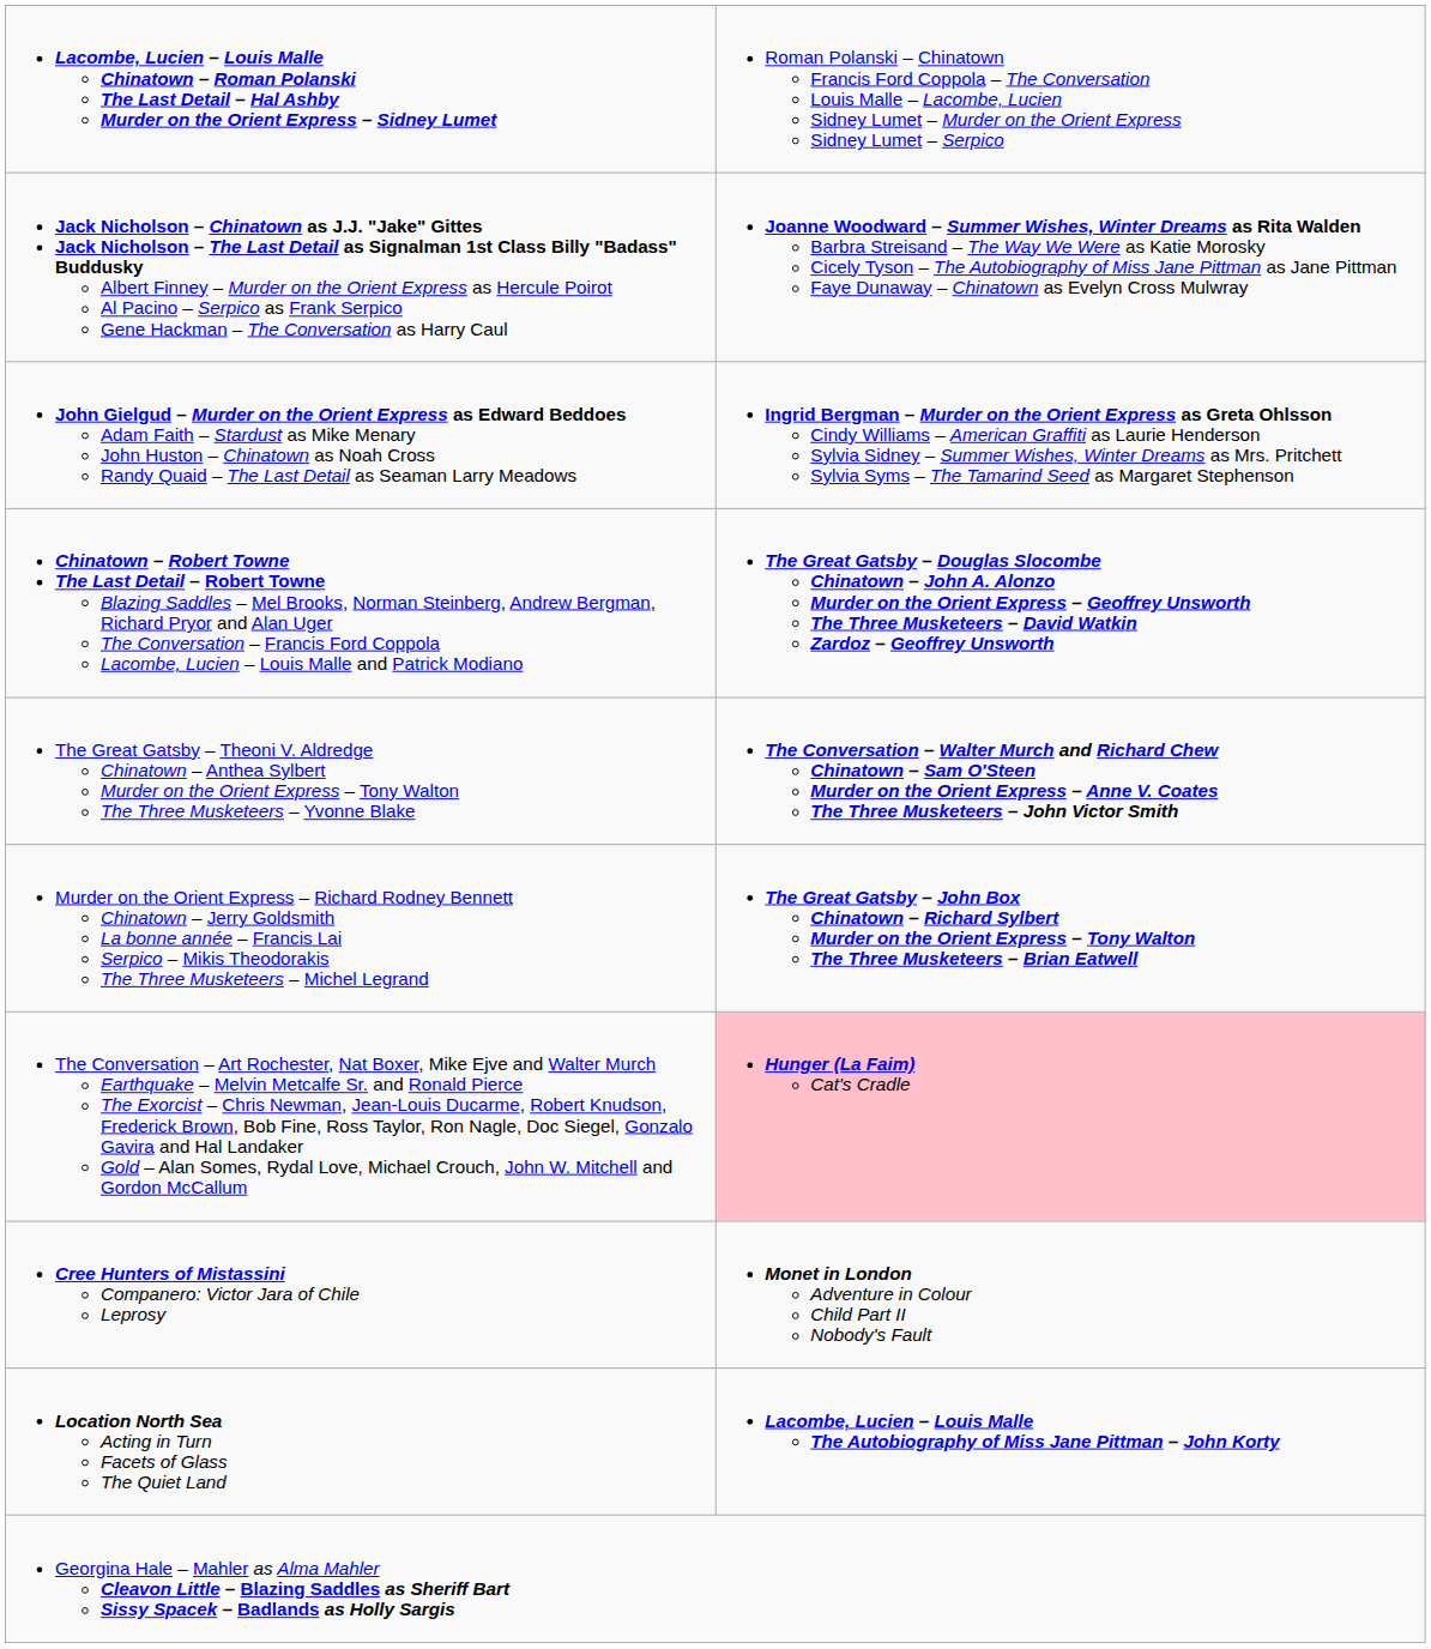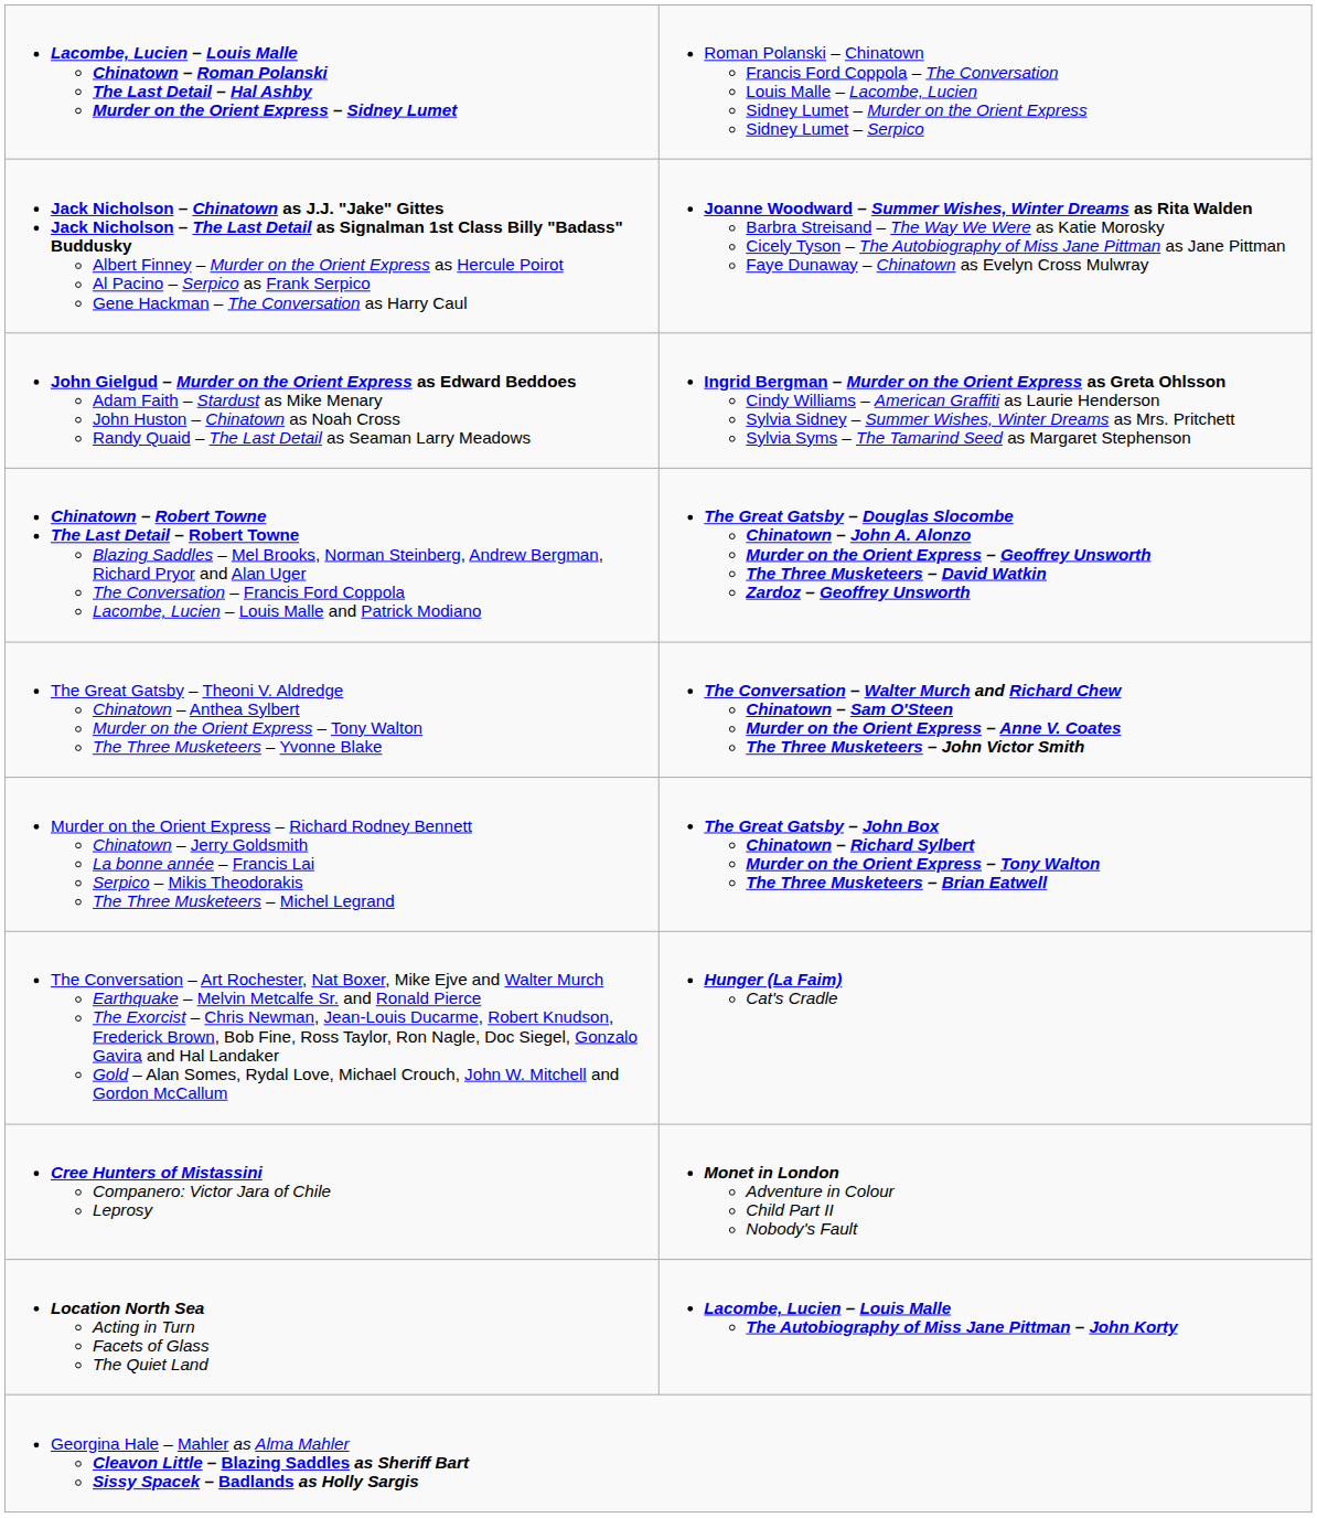 <table class=wikitable>
 <tr>
 <td valign="top" width="50%"><br><ul><li><strong><em><a href='#'>Lacombe, Lucien</a><em> – <a href='#'>Louis Malle</a><strong><ul><li></em><a href='#'>Chinatown</a><em> – <a href='#'>Roman Polanski</a></li><li></em><a href='#'>The Last Detail</a><em> – <a href='#'>Hal Ashby</a></li><li></em><a href='#'>Murder on the Orient Express</a><em> – <a href='#'>Sidney Lumet</a></li></ul></li></ul></td>
 <td valign="top" width="50%"><br><ul><li></strong><a href='#'>Roman Polanski</a> – </em><a href='#'>Chinatown</a></em></strong><ul><li><a href='#'>Francis Ford Coppola</a> – <em><a href='#'>The Conversation</a></em></li><li><a href='#'>Louis Malle</a> – <em><a href='#'>Lacombe, Lucien</a></em></li><li><a href='#'>Sidney Lumet</a> – <em><a href='#'>Murder on the Orient Express</a></em></li><li><a href='#'>Sidney Lumet</a> – <em><a href='#'>Serpico</a></em></li></ul></li></ul></td>
 </tr>
 <tr>
 <td valign="top" width="50%"><br><ul><li><strong><a href='#'>Jack Nicholson</a> – <em><a href='#'>Chinatown</a></em> as J.J. "Jake" Gittes</strong></li><li><strong><a href='#'>Jack Nicholson</a> – <em><a href='#'>The Last Detail</a></em> as Signalman 1st Class Billy "Badass" Buddusky</strong><ul><li><a href='#'>Albert Finney</a> – <em><a href='#'>Murder on the Orient Express</a></em> as <a href='#'>Hercule Poirot</a></li><li><a href='#'>Al Pacino</a> – <em><a href='#'>Serpico</a></em> as <a href='#'>Frank Serpico</a></li><li><a href='#'>Gene Hackman</a> – <em><a href='#'>The Conversation</a></em> as Harry Caul</li></ul></li></ul></td>
 <td valign="top" width="50%"><br><ul><li><strong><a href='#'>Joanne Woodward</a> – <em><a href='#'>Summer Wishes, Winter Dreams</a></em> as Rita Walden</strong><ul><li><a href='#'>Barbra Streisand</a> – <em><a href='#'>The Way We Were</a></em> as Katie Morosky</li><li><a href='#'>Cicely Tyson</a> – <em><a href='#'>The Autobiography of Miss Jane Pittman</a></em> as Jane Pittman</li><li><a href='#'>Faye Dunaway</a> – <em><a href='#'>Chinatown</a></em> as Evelyn Cross Mulwray</li></ul></li></ul></td>
 </tr>
 <tr>
 <td valign="top" width="50%"><br><ul><li><strong><a href='#'>John Gielgud</a> – <em><a href='#'>Murder on the Orient Express</a></em> as Edward Beddoes</strong><ul><li><a href='#'>Adam Faith</a> – <em><a href='#'>Stardust</a></em> as Mike Menary</li><li><a href='#'>John Huston</a> – <em><a href='#'>Chinatown</a></em> as Noah Cross</li><li><a href='#'>Randy Quaid</a> – <em><a href='#'>The Last Detail</a></em> as Seaman Larry Meadows</li></ul></li></ul></td>
 <td valign="top" width="50%"><br><ul><li><strong><a href='#'>Ingrid Bergman</a> – <em><a href='#'>Murder on the Orient Express</a></em> as Greta Ohlsson</strong><ul><li><a href='#'>Cindy Williams</a> – <em><a href='#'>American Graffiti</a></em> as Laurie Henderson</li><li><a href='#'>Sylvia Sidney</a> – <em><a href='#'>Summer Wishes, Winter Dreams</a></em> as Mrs. Pritchett</li><li><a href='#'>Sylvia Syms</a> – <em><a href='#'>The Tamarind Seed</a></em> as Margaret Stephenson</li></ul></li></ul></td>
 </tr>
 <tr>
 <td valign="top" width="50%"><br><ul><li><strong><em><a href='#'>Chinatown</a><em> – <a href='#'>Robert Towne</a><strong></li><li></em></strong><a href='#'>The Last Detail</a></em> – <a href='#'>Robert Towne</a></strong><ul><li><em><a href='#'>Blazing Saddles</a></em> – <a href='#'>Mel Brooks</a>, <a href='#'>Norman Steinberg</a>, <a href='#'>Andrew Bergman</a>, <a href='#'>Richard Pryor</a> and <a href='#'>Alan Uger</a></li><li><em><a href='#'>The Conversation</a></em> – <a href='#'>Francis Ford Coppola</a></li><li><em><a href='#'>Lacombe, Lucien</a></em> – <a href='#'>Louis Malle</a> and <a href='#'>Patrick Modiano</a></li></ul></li></ul></td>
 <td valign="top" width="50%"><br><ul><li><strong><em><a href='#'>The Great Gatsby</a><em> – <a href='#'>Douglas Slocombe</a><strong><ul><li></em><a href='#'>Chinatown</a><em> – <a href='#'>John A. Alonzo</a></li><li></em><a href='#'>Murder on the Orient Express</a><em> – <a href='#'>Geoffrey Unsworth</a></li><li></em><a href='#'>The Three Musketeers</a><em> – <a href='#'>David Watkin</a></li><li></em><a href='#'>Zardoz</a><em> – <a href='#'>Geoffrey Unsworth</a></li></ul></li></ul></td>
 </tr>
 <tr>
 <td valign="top" width="50%"><br><ul><li></em></strong><a href='#'>The Great Gatsby</a></em> – <a href='#'>Theoni V. Aldredge</a></strong><ul><li><em><a href='#'>Chinatown</a></em> – <a href='#'>Anthea Sylbert</a></li><li><em><a href='#'>Murder on the Orient Express</a></em> – <a href='#'>Tony Walton</a></li><li><em><a href='#'>The Three Musketeers</a></em> – <a href='#'>Yvonne Blake</a></li></ul></li></ul></td>
 <td valign="top" width="50%"><br><ul><li><strong><em><a href='#'>The Conversation</a><em> – <a href='#'>Walter Murch</a> and <a href='#'>Richard Chew</a><strong><ul><li></em><a href='#'>Chinatown</a><em> – <a href='#'>Sam O'Steen</a></li><li></em><a href='#'>Murder on the Orient Express</a><em> – <a href='#'>Anne V. Coates</a></li><li></em><a href='#'>The Three Musketeers</a><em> – John Victor Smith</li></ul></li></ul></td>
 </tr>
 <tr>
 <td valign="top" width="50%"><br><ul><li></em></strong><a href='#'>Murder on the Orient Express</a></em> – <a href='#'>Richard Rodney Bennett</a></strong><ul><li><em><a href='#'>Chinatown</a></em> – <a href='#'>Jerry Goldsmith</a></li><li><em><a href='#'>La bonne année</a></em> – <a href='#'>Francis Lai</a></li><li><em><a href='#'>Serpico</a></em> – <a href='#'>Mikis Theodorakis</a></li><li><em><a href='#'>The Three Musketeers</a></em> – <a href='#'>Michel Legrand</a></li></ul></li></ul></td>
 <td valign="top" width="50%"><br><ul><li><strong><em><a href='#'>The Great Gatsby</a><em> – <a href='#'>John Box</a><strong><ul><li></em><a href='#'>Chinatown</a><em> – <a href='#'>Richard Sylbert</a></li><li></em><a href='#'>Murder on the Orient Express</a><em> – <a href='#'>Tony Walton</a></li><li></em><a href='#'>The Three Musketeers</a><em> – <a href='#'>Brian Eatwell</a></li></ul></li></ul></td>
 </tr>
 <tr>
 <td valign="top" width="50%"><br><ul><li></em></strong><a href='#'>The Conversation</a></em> – <a href='#'>Art Rochester</a>, <a href='#'>Nat Boxer</a>, Mike Ejve and <a href='#'>Walter Murch</a></strong><ul><li><em><a href='#'>Earthquake</a></em> – <a href='#'>Melvin Metcalfe Sr.</a> and <a href='#'>Ronald Pierce</a></li><li><em><a href='#'>The Exorcist</a></em> – <a href='#'>Chris Newman</a>, <a href='#'>Jean-Louis Ducarme</a>, <a href='#'>Robert Knudson</a>, <a href='#'>Frederick Brown</a>, Bob Fine, Ross Taylor, Ron Nagle, Doc Siegel, <a href='#'>Gonzalo Gavira</a> and Hal Landaker</li><li><em><a href='#'>Gold</a></em> – Alan Somes, Rydal Love, Michael Crouch, <a href='#'>John W. Mitchell</a> and <a href='#'>Gordon McCallum</a></li></ul></li></ul></td>
-<td valign="top" width="50%" style="background: pink;"><br><ul><li><strong><em><a href='#'>Hunger (La Faim)</a></em></strong><ul><li><em>Cat's Cradle</em></li></ul></li></ul></td>
+<td valign="top" width="50%"><br><ul><li><strong><em><a href='#'>Hunger (La Faim)</a></em></strong><ul><li><em>Cat's Cradle</em></li></ul></li></ul></td>
 </tr>
 <tr>
 <td valign="top" width="50%"><br><ul><li><strong><em><a href='#'>Cree Hunters of Mistassini</a></em></strong><ul><li><em>Companero: Victor Jara of Chile</em></li><li><em>Leprosy</em></li></ul></li></ul></td>
 <td valign="top" width="50%"><br><ul><li><strong><em>Monet in London</em></strong><ul><li><em>Adventure in Colour</em></li><li><em>Child Part II</em></li><li><em>Nobody's Fault</em></li></ul></li></ul></td>
 </tr>
 <tr>
 <td valign="top" width="50%"><br><ul><li><strong><em>Location North Sea</em></strong><ul><li><em>Acting in Turn</em></li><li><em>Facets of Glass</em></li><li><em>The Quiet Land</em></li></ul></li></ul></td>
 <td valign="top" width="50%"><br><ul><li><strong><em><a href='#'>Lacombe, Lucien</a><em> – <a href='#'>Louis Malle</a><strong><ul><li></em><a href='#'>The Autobiography of Miss Jane Pittman</a><em> – <a href='#'>John Korty</a></li></ul></li></ul></td>
 </tr>
 <tr>
 <td valign="top" width="50%" colspan="2"><br><ul><li></strong><a href='#'>Georgina Hale</a> – </em><a href='#'>Mahler</a><em> as <a href='#'>Alma Mahler</a><strong><ul><li><a href='#'>Cleavon Little</a> – </em><a href='#'>Blazing Saddles</a><em> as Sheriff Bart</li><li><a href='#'>Sissy Spacek</a> – </em><a href='#'>Badlands</a><em> as Holly Sargis</li></ul></li></ul></td>
 </tr>
 </table>
